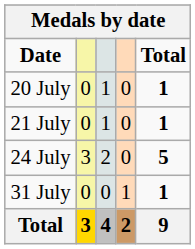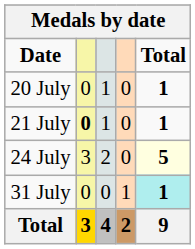 <table class=wikitable style="font-size:85%; text-align:center; float:right;">
 <tr style="background:#efefef">
 <th colspan=6>Medals by date</th>
 </tr>
 <tr style="text-align:center">
 <td><strong>Date</strong></td>
 <td bgcolor=F7F6A8></td>
 <td bgcolor=DCE5E5></td>
 <td bgcolor=FFDAB9></td>
 <td><strong>Total</strong></td>
 </tr>
 <tr style="text-align:center">
 <td>20 July</td>
 <td bgcolor=F7F6A8>0</td>
 <td bgcolor=DCE5E5>1</td>
 <td bgcolor=FFDAB9>0</td>
 <td><strong>1</strong></td>
 </tr>
 <tr style="text-align:center">
 <td>21 July</td>
-<td bgcolor=F7F6A8>0</td>
+<td bgcolor=F7F6A8><strong>0</strong></td>
 <td bgcolor=DCE5E5>1</td>
 <td bgcolor=FFDAB9>0</td>
 <td><strong>1</strong></td>
 </tr>
 <tr style="text-align:center">
 <td>24 July</td>
 <td bgcolor=F7F6A8>3</td>
 <td bgcolor=DCE5E5>2</td>
 <td bgcolor=FFDAB9>0</td>
-<td><strong>5</strong></td>
+<td style="background: lightyellow;"><strong>5</strong></td>
 </tr>
 <tr style="text-align:center">
 <td>31 July</td>
 <td bgcolor=F7F6A8>0</td>
 <td bgcolor=DCE5E5>0</td>
 <td bgcolor=FFDAB9>1</td>
-<td><strong>1</strong></td>
+<td style="background: paleturquoise;"><strong>1</strong></td>
 </tr>
 <tr>
 <th>Total</th>
 <th style="background:gold">3</th>
 <th style="background:silver">4</th>
 <th style="background:#c96">2</th>
 <th>9</th>
 </tr>
 </table>
